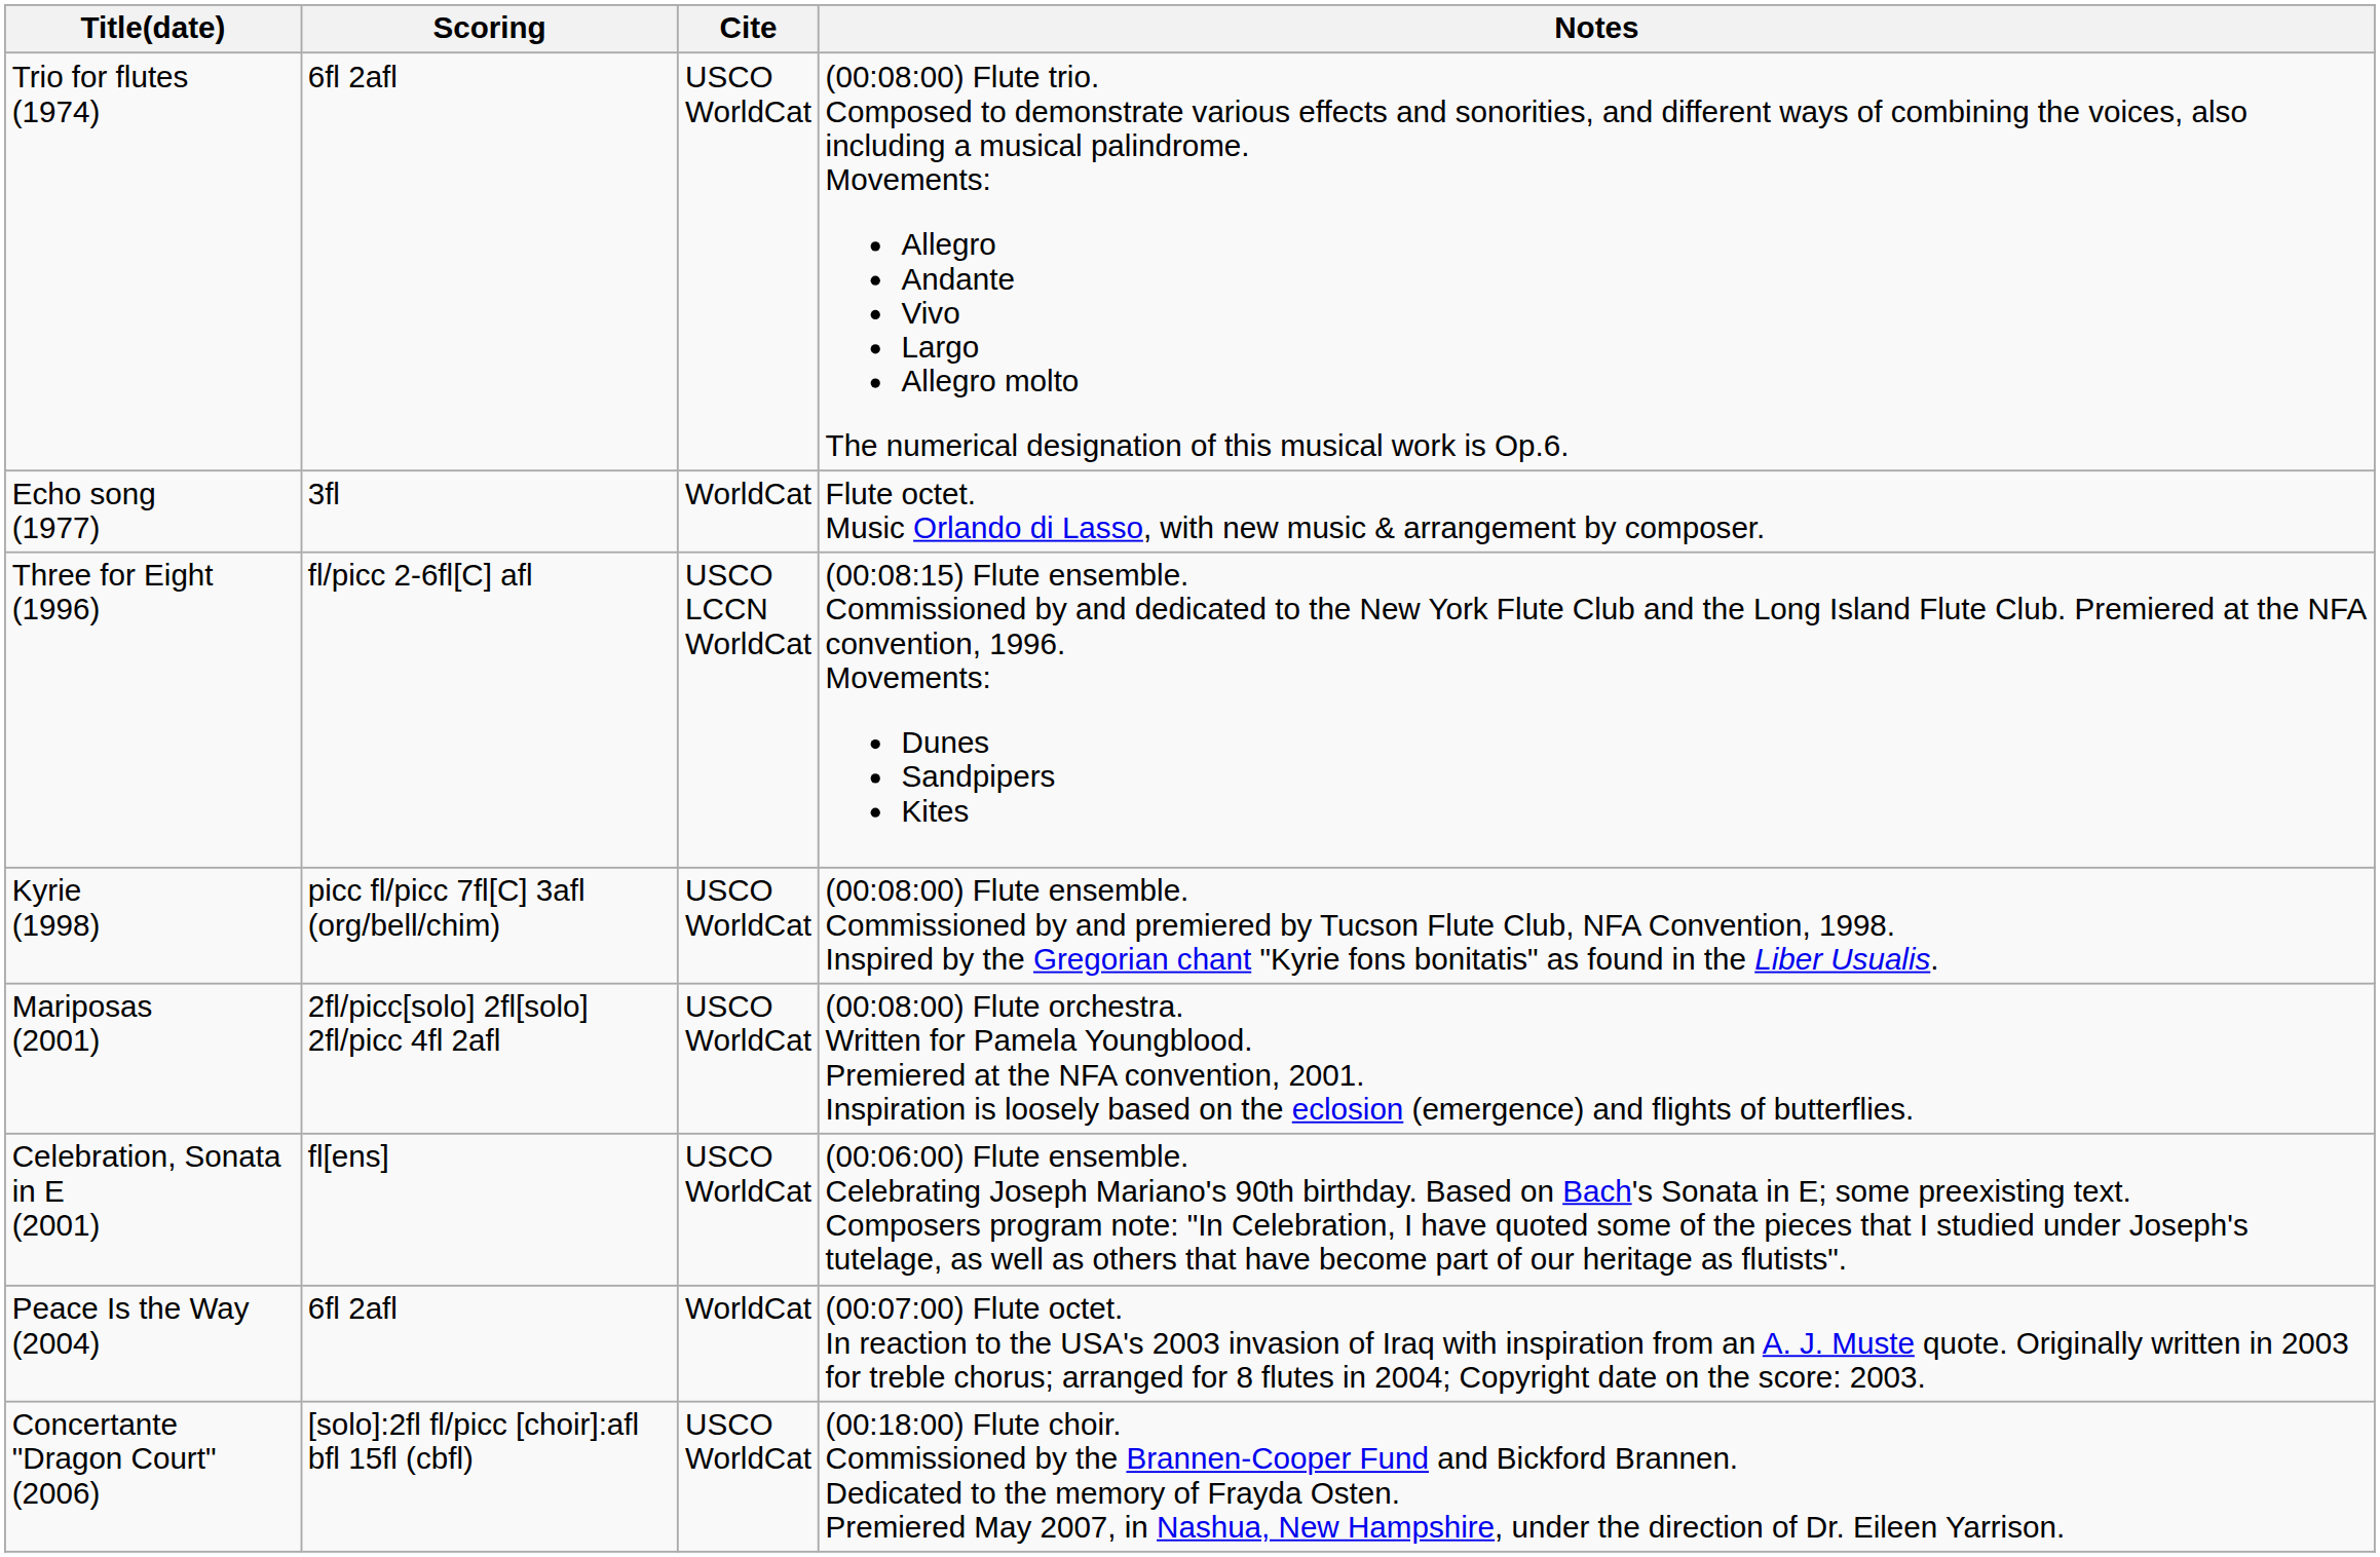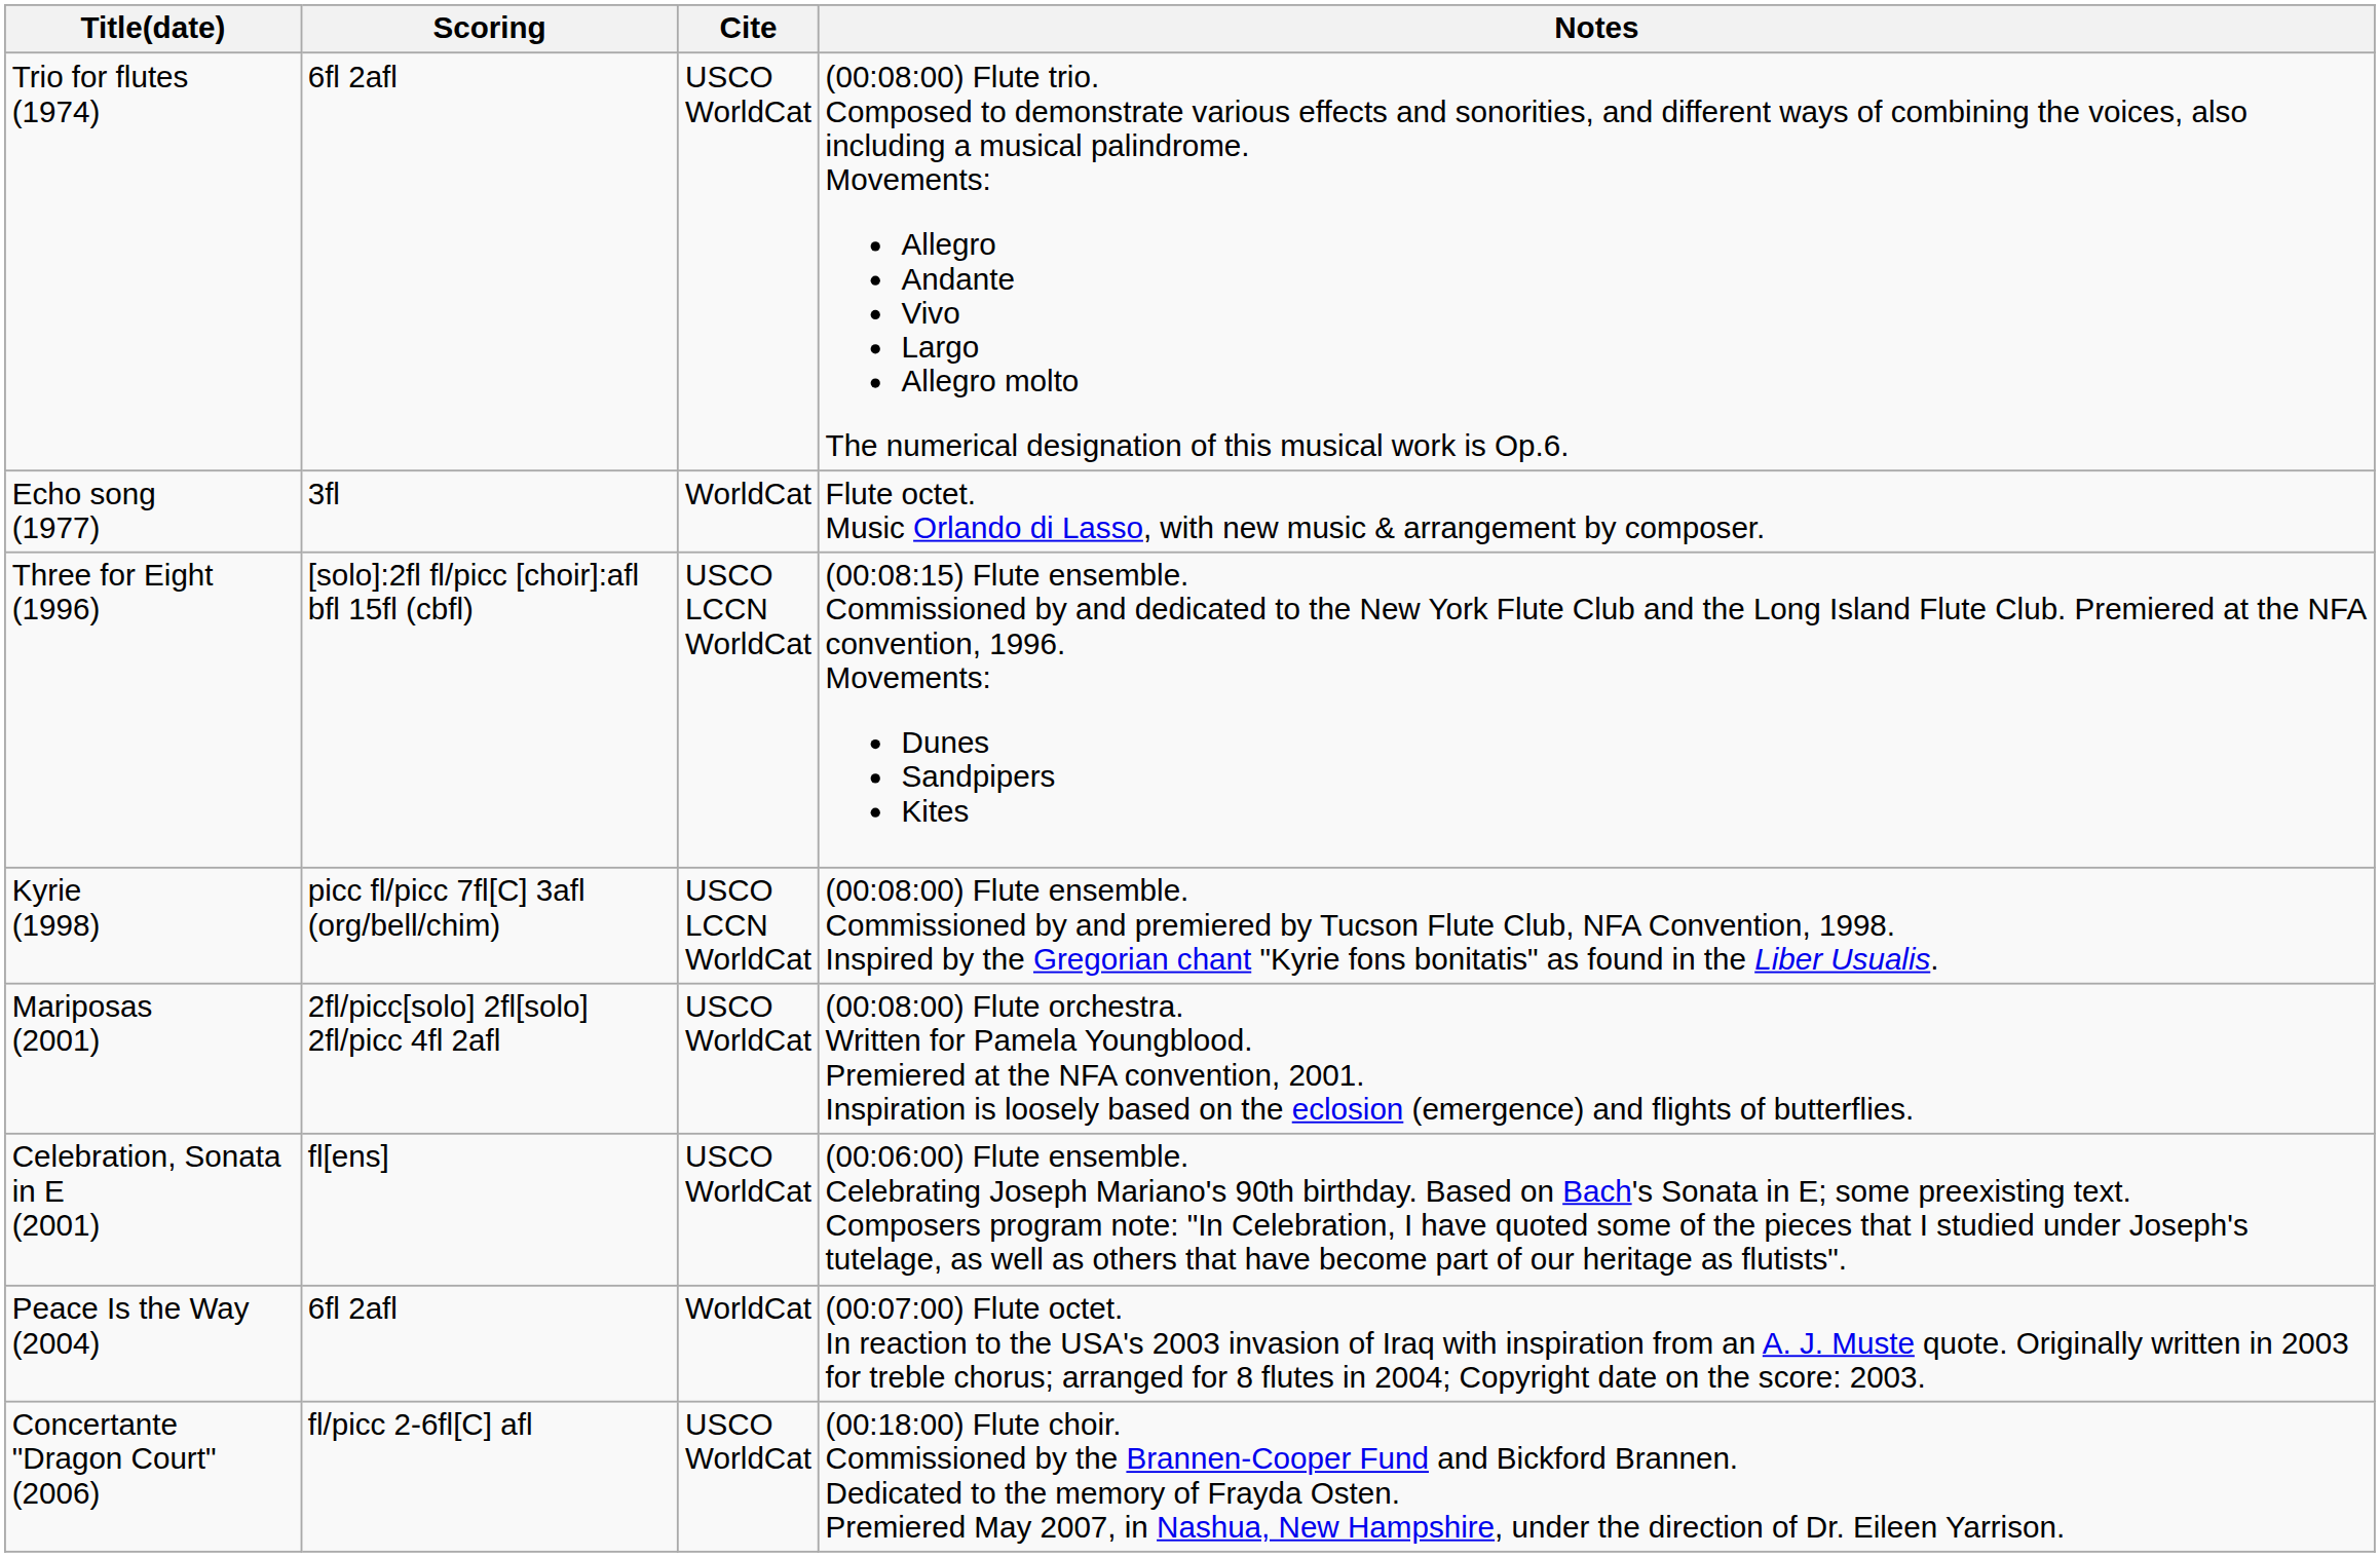 <table class="sortable wikitable" style="margins:auto; width=95%;">
 <tr>
 <th width="">Title(date)</th>
 <th width="">Scoring</th>
 <th width="">Cite</th>
 <th width="">Notes</th>
 </tr>
 <tr valign="top">
 <td>Trio for flutes<br>(1974)</td>
 <td>6fl 2afl</td>
 <td>USCO<br>WorldCat</td>
 <td>(00:08:00) Flute trio.<br>Composed to demonstrate various effects and sonorities, and different ways of combining the voices, also including a musical palindrome.<br>Movements:<ul><li>Allegro</li><li>Andante</li><li>Vivo</li><li>Largo</li><li>Allegro molto</li></ul>The numerical designation of this musical work is Op.6.</td>
 </tr>
 <tr valign="top">
 <td>Echo song<br>(1977)</td>
 <td>3fl</td>
 <td>WorldCat</td>
 <td>Flute octet.<br>Music <a href='#'>Orlando di Lasso</a>, with new music & arrangement by composer.</td>
 </tr>
 <tr valign="top">
 <td>Three for Eight<br>(1996)</td>
-<td>fl/picc 2-6fl[C] afl</td>
+<td>[solo]:2fl fl/picc [choir]:afl bfl 15fl (cbfl)</td>
 <td>USCO<br>LCCN<br>WorldCat</td>
 <td>(00:08:15) Flute ensemble.<br>Commissioned by and dedicated to the New York Flute Club and the Long Island Flute Club. Premiered at the NFA convention, 1996.<br>Movements:<ul><li>Dunes</li><li>Sandpipers</li><li>Kites</li></ul></td>
 </tr>
 <tr valign="top">
 <td>Kyrie<br>(1998)</td>
 <td>picc fl/picc 7fl[C] 3afl (org/bell/chim)</td>
-<td>USCO<br>WorldCat</td>
+<td>USCO<br>LCCN<br>WorldCat</td>
 <td>(00:08:00) Flute ensemble.<br>Commissioned by and premiered by Tucson Flute Club, NFA Convention, 1998.<br>Inspired by the <a href='#'>Gregorian chant</a> "Kyrie fons bonitatis" as found in the <em><a href='#'>Liber Usualis</a></em>.</td>
 </tr>
 <tr valign="top">
 <td>Mariposas<br>(2001)</td>
 <td>2fl/picc[solo] 2fl[solo] 2fl/picc 4fl 2afl</td>
 <td>USCO<br>WorldCat</td>
 <td>(00:08:00) Flute orchestra.<br>Written for Pamela Youngblood.<br>Premiered at the NFA convention, 2001.<br>Inspiration is loosely based on the <a href='#'>eclosion</a> (emergence) and flights of butterflies.</td>
 </tr>
 <tr valign="top">
 <td>Celebration, Sonata in E<br>(2001)</td>
 <td>fl[ens]</td>
 <td>USCO<br>WorldCat</td>
 <td>(00:06:00) Flute ensemble.<br>Celebrating Joseph Mariano's 90th birthday. Based on <a href='#'>Bach</a>'s Sonata in E; some preexisting text.<br>Composers program note: "In Celebration, I have quoted some of the pieces that I studied under Joseph's tutelage, as well as others that have become part of our heritage as flutists".</td>
 </tr>
 <tr valign="top">
 <td>Peace Is the Way<br>(2004)</td>
 <td>6fl 2afl</td>
 <td>WorldCat</td>
 <td>(00:07:00) Flute octet.<br>In reaction to the USA's 2003 invasion of Iraq with inspiration from an <a href='#'>A. J. Muste</a> quote. Originally written in 2003 for treble chorus; arranged for 8 flutes in 2004; Copyright date on the score: 2003.</td>
 </tr>
 <tr valign="top">
 <td>Concertante "Dragon Court"<br>(2006)</td>
-<td>[solo]:2fl fl/picc [choir]:afl bfl 15fl (cbfl)</td>
+<td>fl/picc 2-6fl[C] afl</td>
 <td>USCO<br>WorldCat</td>
 <td>(00:18:00) Flute choir.<br>Commissioned by the <a href='#'>Brannen-Cooper Fund</a> and Bickford Brannen.<br>Dedicated to the memory of Frayda Osten.<br>Premiered May 2007, in <a href='#'>Nashua, New Hampshire</a>, under the direction of Dr. Eileen Yarrison.</td>
 </tr>
 </table>
